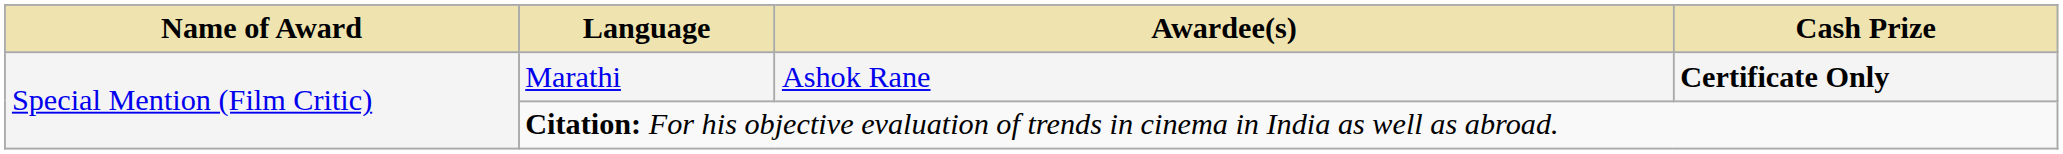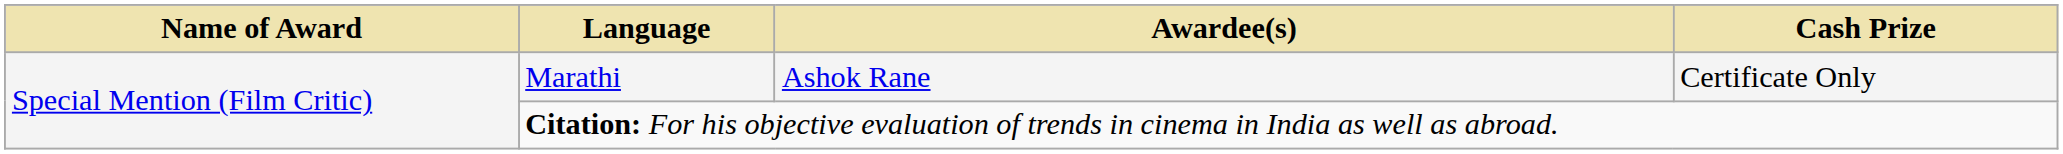 <table class="wikitable">
 <tr>
 <th style="background-color:#EFE4B0;width:20%;">Name of Award</th>
 <th style="background-color:#EFE4B0;width:10%;">Language</th>
 <th style="background-color:#EFE4B0;width:35%;">Awardee(s)</th>
 <th style="background-color:#EFE4B0;width:15%;">Cash Prize</th>
 </tr>
 <tr style="background-color:#F4F4F4">
 <td rowspan="2"><a href='#'>Special Mention (Film Critic)</a></td>
 <td><a href='#'>Marathi</a></td>
 <td><a href='#'>Ashok Rane</a></td>
-<td><strong>Certificate Only</strong></td>
+<td>Certificate Only</td>
 </tr>
 <tr style="background-color:#F9F9F9">
 <td colspan="4"><strong>Citation:</strong> <em>For his objective evaluation of trends in cinema in India as well as abroad.</em></td>
 </tr>
 </table>
